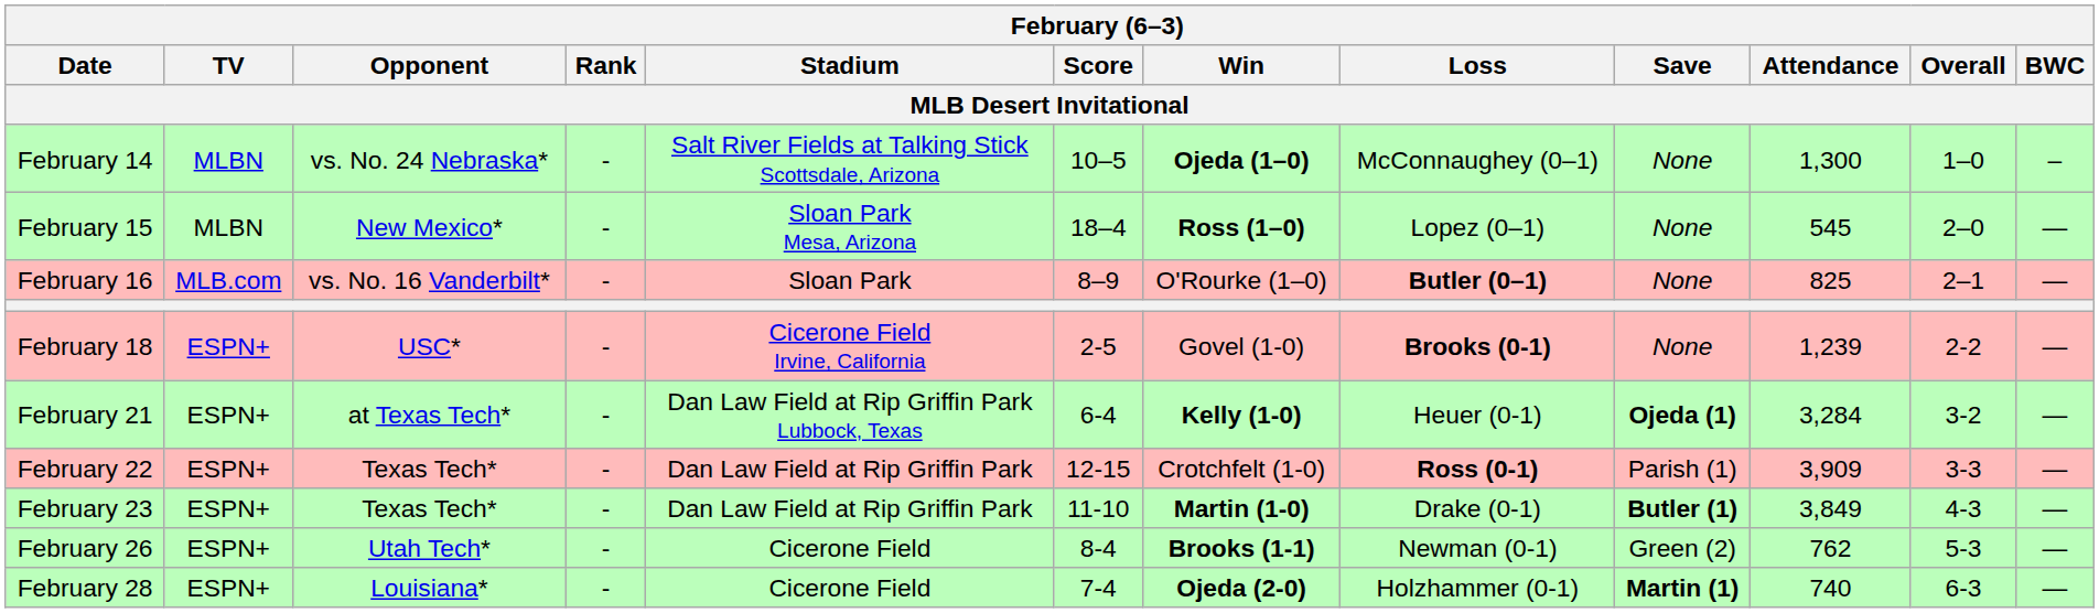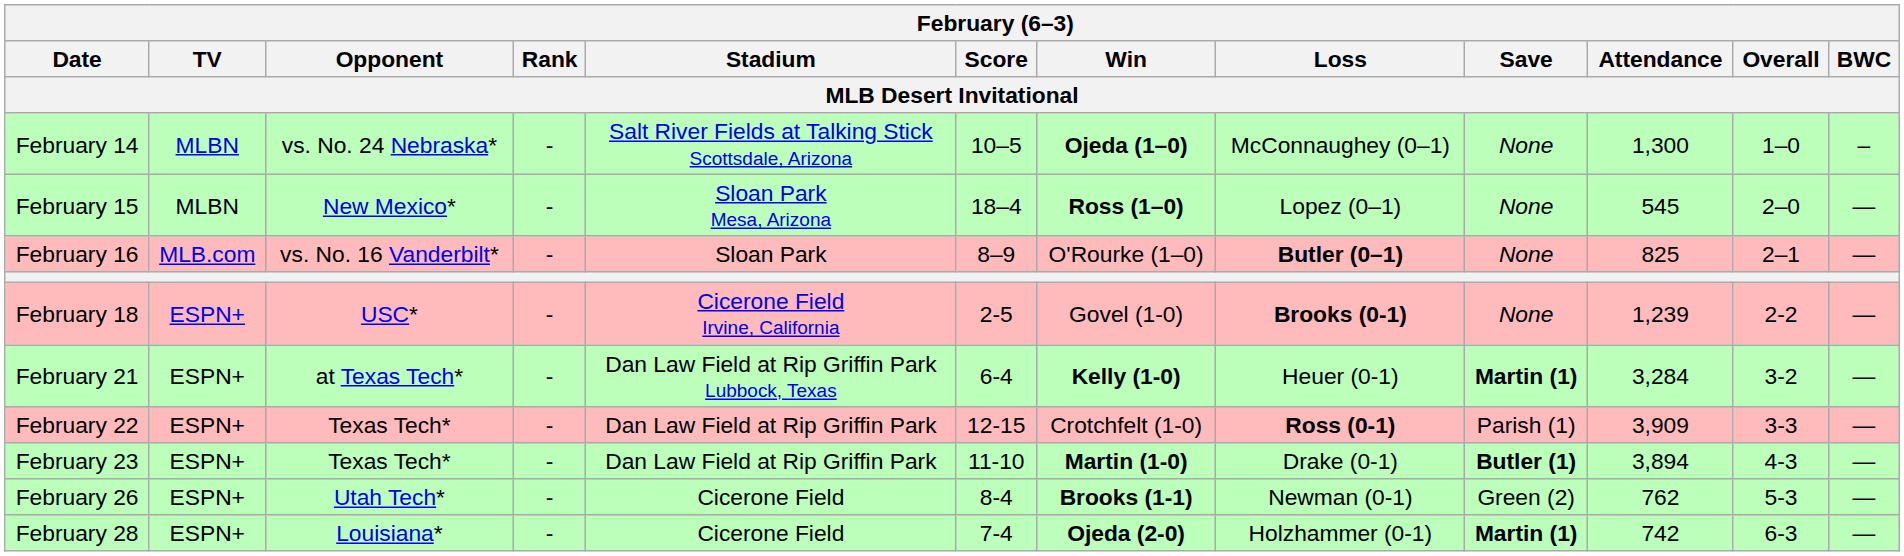 <table class="wikitable collapsible collapsed" style="margin:auto; width:100%; text-align:center; font-size:95%">
 <tr>
 <th colspan=12 style="padding-left:4em;">February (6–3)</th>
 </tr>
 <tr>
 <th bgcolor="#DDDDFF">Date</th>
 <th bgcolor="#DDDDFF">TV</th>
 <th bgcolor="#DDDDFF">Opponent</th>
 <th bgcolor="#DDDDFF">Rank</th>
 <th bgcolor="#DDDDFF">Stadium</th>
 <th bgcolor="#DDDDFF">Score</th>
 <th bgcolor="#DDDDFF">Win</th>
 <th bgcolor="#DDDDFF">Loss</th>
 <th bgcolor="#DDDDFF">Save</th>
 <th bgcolor="#DDDDFF">Attendance</th>
 <th bgcolor="#DDDDFF">Overall</th>
 <th bgcolor="#DDDDFF">BWC</th>
 </tr>
 <tr>
 <th colspan=14>MLB Desert Invitational</th>
 </tr>
 <tr bgcolor="bbffbb">
 <td>February 14</td>
 <td><a href='#'>MLBN</a></td>
 <td>vs. No. 24 <a href='#'>Nebraska</a>*</td>
 <td>-</td>
 <td><a href='#'>Salt River Fields at Talking Stick</a><br><small><a href='#'>Scottsdale, Arizona</a></small></td>
 <td>10–5</td>
 <td><strong>Ojeda (1–0)</strong></td>
 <td>McConnaughey (0–1)</td>
 <td><em>None</em></td>
 <td>1,300</td>
 <td>1–0</td>
 <td>–</td>
 </tr>
 <tr bgcolor="bbffbb">
 <td>February 15</td>
 <td>MLBN</td>
 <td><a href='#'>New Mexico</a>*</td>
 <td>-</td>
 <td><a href='#'>Sloan Park</a><br><small><a href='#'>Mesa, Arizona</a></small></td>
 <td>18–4</td>
 <td><strong>Ross (1–0)</strong></td>
 <td>Lopez (0–1)</td>
 <td><em>None</em></td>
 <td>545</td>
 <td>2–0</td>
 <td>—</td>
 </tr>
 <tr bgcolor="ffbbbb">
 <td>February 16</td>
 <td><a href='#'>MLB.com</a></td>
 <td>vs. No. 16 <a href='#'>Vanderbilt</a>*</td>
 <td>-</td>
 <td>Sloan Park</td>
 <td>8–9</td>
 <td>O'Rourke (1–0)</td>
 <td><strong>Butler (0–1)</strong></td>
 <td><em>None</em></td>
 <td>825</td>
 <td>2–1</td>
 <td>—</td>
 </tr>
 <tr bgcolor="ffffff">
 <th colspan=14></th>
 </tr>
 <tr bgcolor="ffbbbb">
 <td>February 18</td>
 <td><a href='#'>ESPN+</a></td>
 <td><a href='#'>USC</a>*</td>
 <td>-</td>
 <td><a href='#'>Cicerone Field</a><br><small><a href='#'>Irvine, California</a></small></td>
 <td>2-5</td>
 <td>Govel (1-0)</td>
 <td><strong>Brooks (0-1)</strong></td>
 <td><em>None</em></td>
 <td>1,239</td>
 <td>2-2</td>
 <td>—</td>
 </tr>
 <tr bgcolor="bbffbb">
 <td>February 21</td>
 <td>ESPN+</td>
 <td>at <a href='#'>Texas Tech</a>*</td>
 <td>-</td>
 <td>Dan Law Field at Rip Griffin Park<br><small><a href='#'>Lubbock, Texas</a></small></td>
 <td>6-4</td>
 <td><strong>Kelly (1-0)</strong></td>
 <td>Heuer (0-1)</td>
-<td><strong>Ojeda (1)</strong></td>
+<td><strong>Martin (1)</strong></td>
 <td>3,284</td>
 <td>3-2</td>
 <td>—</td>
 </tr>
 <tr bgcolor="ffbbbb">
 <td>February 22</td>
 <td>ESPN+</td>
 <td>Texas Tech*</td>
 <td>-</td>
 <td>Dan Law Field at Rip Griffin Park</td>
 <td>12-15</td>
 <td>Crotchfelt (1-0)</td>
 <td><strong>Ross (0-1)</strong></td>
 <td>Parish (1)</td>
 <td>3,909</td>
 <td>3-3</td>
 <td>—</td>
 </tr>
 <tr bgcolor="bbffbb">
 <td>February 23</td>
 <td>ESPN+</td>
 <td>Texas Tech*</td>
 <td>-</td>
 <td>Dan Law Field at Rip Griffin Park</td>
 <td>11-10</td>
 <td><strong>Martin (1-0)</strong></td>
 <td>Drake (0-1)</td>
 <td><strong>Butler (1)</strong></td>
-<td>3,849</td>
+<td>3,894</td>
 <td>4-3</td>
 <td>—</td>
 </tr>
 <tr bgcolor="bbffbb">
 <td>February 26</td>
 <td>ESPN+</td>
 <td><a href='#'>Utah Tech</a>*</td>
 <td>-</td>
 <td>Cicerone Field</td>
 <td>8-4</td>
 <td><strong>Brooks (1-1)</strong></td>
 <td>Newman (0-1)</td>
 <td>Green (2)</td>
 <td>762</td>
 <td>5-3</td>
 <td>—</td>
 </tr>
 <tr bgcolor="bbffbb">
 <td>February 28</td>
 <td>ESPN+</td>
 <td><a href='#'>Louisiana</a>*</td>
 <td>-</td>
 <td>Cicerone Field</td>
 <td>7-4</td>
 <td><strong>Ojeda (2-0)</strong></td>
 <td>Holzhammer (0-1)</td>
 <td><strong>Martin (1)</strong></td>
-<td>740</td>
+<td>742</td>
 <td>6-3</td>
 <td>—</td>
 </tr>
 </table>
